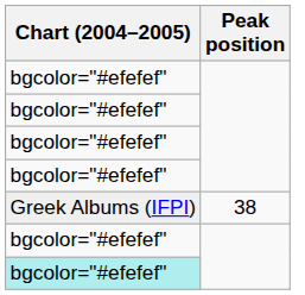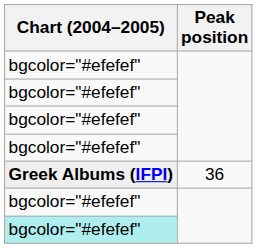 <table class="wikitable sortable plainrowheaders">
 <tr>
 <th>Chart (2004–2005)</th>
 <th>Peak<br>position</th>
 </tr>
 <tr>
 <td>bgcolor="#efefef" </td>
 </tr>
 <tr>
 <td>bgcolor="#efefef" </td>
 </tr>
 <tr>
 <td>bgcolor="#efefef" </td>
 </tr>
 <tr>
 <td>bgcolor="#efefef" </td>
 </tr>
 <tr>
-<td bgcolor="#efefef">Greek Albums (<a href='#'>IFPI</a>)</td>
-<td align="center">38</td>
+<td bgcolor="#efefef"><strong>Greek Albums (<a href='#'>IFPI</a>)</strong></td>
+<td align="center">36</td>
 </tr>
 <tr>
 <td>bgcolor="#efefef" </td>
 </tr>
 <tr>
 <td style="background: paleturquoise;">bgcolor="#efefef" </td>
 </tr>
 </table>
